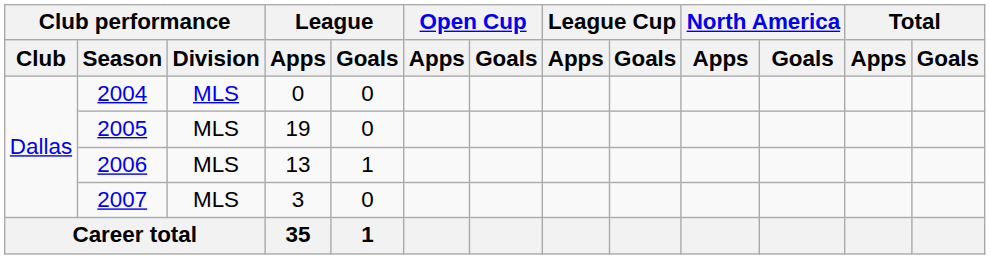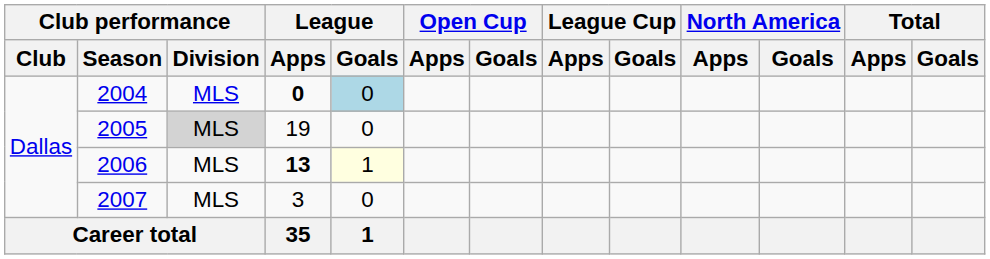 <table class="wikitable" style="text-align:center">
 <tr>
 <th colspan=3>Club performance</th>
 <th colspan=2>League</th>
 <th colspan=2><a href='#'>Open Cup</a></th>
 <th colspan=2>League Cup</th>
 <th colspan=2><a href='#'>North America</a></th>
 <th colspan=2>Total</th>
 </tr>
 <tr>
 <th>Club</th>
 <th>Season</th>
 <th>Division</th>
 <th>Apps</th>
 <th>Goals</th>
 <th>Apps</th>
 <th>Goals</th>
 <th>Apps</th>
 <th>Goals</th>
 <th>Apps</th>
 <th>Goals</th>
 <th>Apps</th>
 <th>Goals</th>
 </tr>
 <tr>
 <td rowspan="4"><a href='#'>Dallas</a></td>
 <td><a href='#'>2004</a></td>
 <td><a href='#'>MLS</a></td>
-<td>0</td>
-<td>0</td>
+<td><strong>0</strong></td>
+<td style="background: lightblue;">0</td>
 <td></td>
 <td></td>
 <td></td>
 <td></td>
 <td></td>
 <td></td>
 <td></td>
 <td></td>
 </tr>
 <tr>
 <td><a href='#'>2005</a></td>
-<td>MLS</td>
+<td style="background: lightgrey;">MLS</td>
 <td>19</td>
 <td>0</td>
 <td></td>
 <td></td>
 <td></td>
 <td></td>
 <td></td>
 <td></td>
 <td></td>
 <td></td>
 </tr>
 <tr>
 <td><a href='#'>2006</a></td>
 <td>MLS</td>
-<td>13</td>
-<td>1</td>
+<td><strong>13</strong></td>
+<td style="background: lightyellow;">1</td>
 <td></td>
 <td></td>
 <td></td>
 <td></td>
 <td></td>
 <td></td>
 <td></td>
 <td></td>
 </tr>
 <tr>
 <td><a href='#'>2007</a></td>
 <td>MLS</td>
 <td>3</td>
 <td>0</td>
 <td></td>
 <td></td>
 <td></td>
 <td></td>
 <td></td>
 <td></td>
 <td></td>
 <td></td>
 </tr>
 <tr>
 <th colspan=3>Career total</th>
 <th>35</th>
 <th>1</th>
 <th></th>
 <th></th>
 <th></th>
 <th></th>
 <th></th>
 <th></th>
 <th></th>
 <th></th>
 </tr>
 </table>
